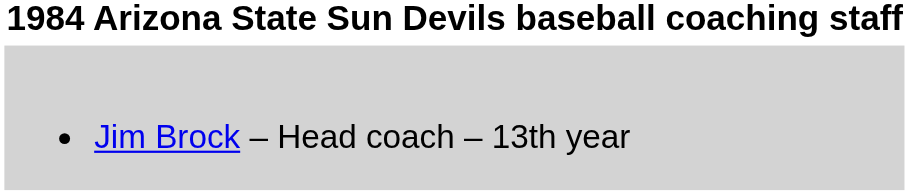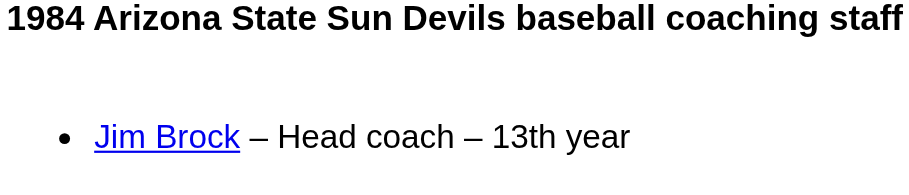 <table class="toccolours">
 <tr>
 <th colspan=9>1984 Arizona State Sun Devils baseball coaching staff</th>
 </tr>
 <tr>
-<td style="background: lightgrey; text-align: left; font-size: 95%;" valign="top"><br><ul><li><a href='#'>Jim Brock</a> – Head coach – 13th year</li></ul></td>
+<td style="text-align: left; font-size: 95%;" valign="top"><br><ul><li><a href='#'>Jim Brock</a> – Head coach – 13th year</li></ul></td>
 </tr>
 </table>
